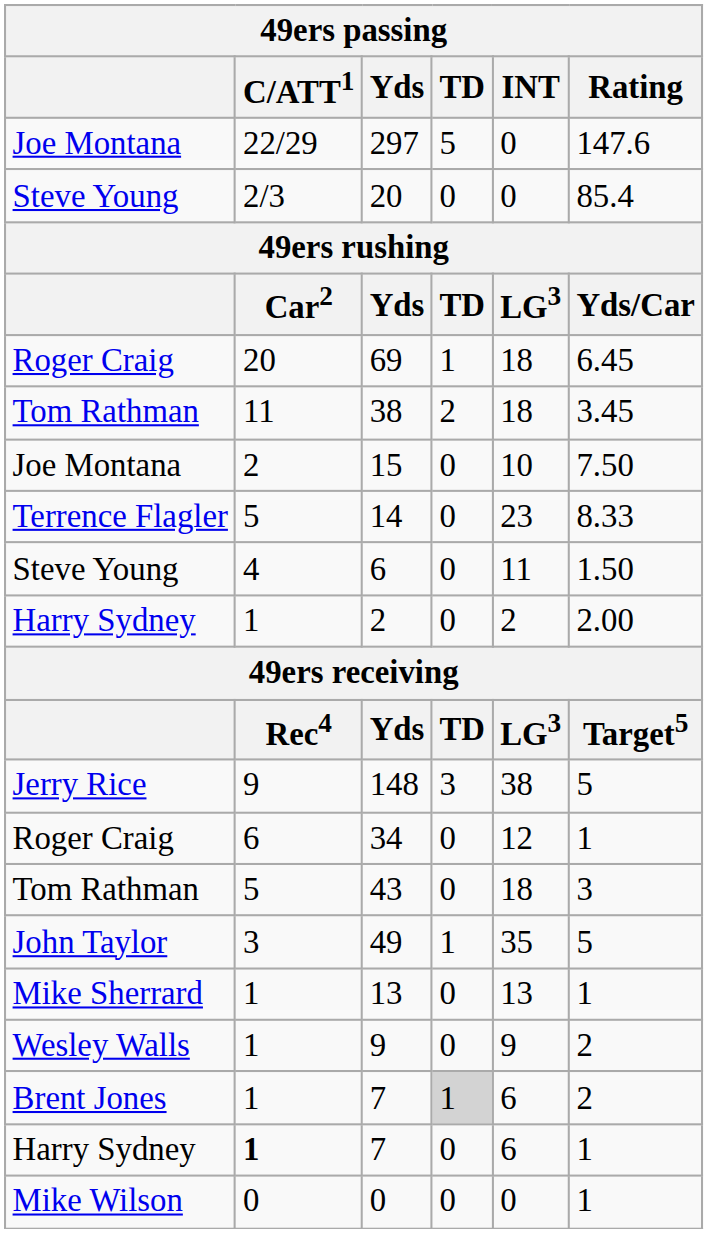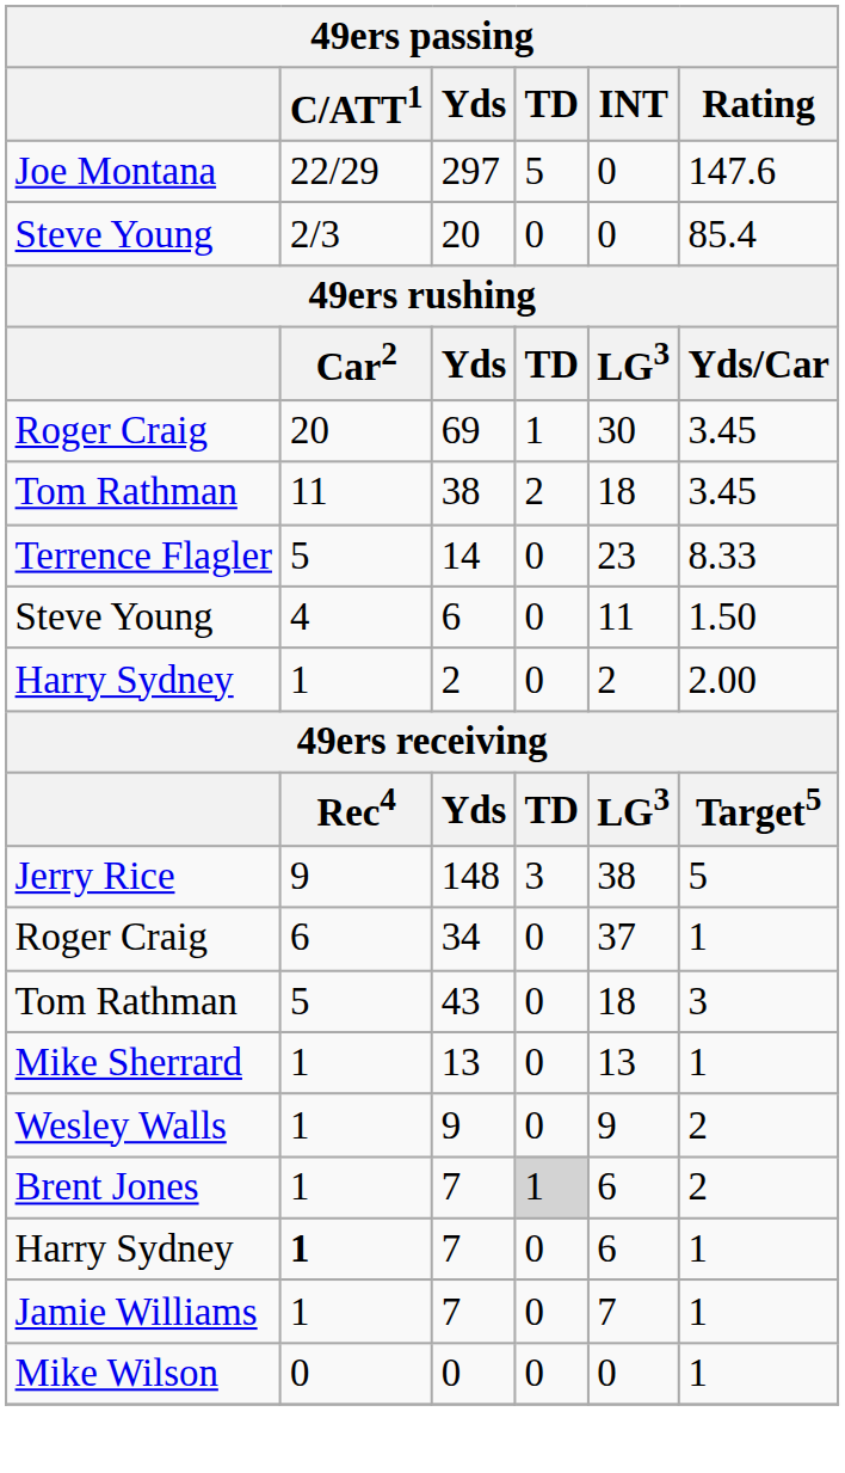 <table class="wikitable">
 <tr>
 <th colspan="6">49ers passing</th>
 </tr>
 <tr>
 <th></th>
 <th>C/ATT<sup>1</sup></th>
 <th>Yds</th>
 <th>TD</th>
 <th>INT</th>
 <th>Rating</th>
 </tr>
 <tr>
 <td><a href='#'>Joe Montana</a></td>
 <td>22/29</td>
 <td>297</td>
 <td>5</td>
 <td>0</td>
 <td>147.6</td>
 </tr>
 <tr>
 <td><a href='#'>Steve Young</a></td>
 <td>2/3</td>
 <td>20</td>
 <td>0</td>
 <td>0</td>
 <td>85.4</td>
 </tr>
 <tr>
 <th colspan="6">49ers rushing</th>
 </tr>
 <tr>
 <th></th>
 <th>Car<sup>2</sup></th>
 <th>Yds</th>
 <th>TD</th>
 <th>LG<sup>3</sup></th>
 <th>Yds/Car</th>
 </tr>
 <tr>
 <td><a href='#'>Roger Craig</a></td>
 <td>20</td>
 <td>69</td>
 <td>1</td>
-<td>18</td>
-<td>6.45</td>
+<td>30</td>
+<td>3.45</td>
 </tr>
 <tr>
 <td><a href='#'>Tom Rathman</a></td>
 <td>11</td>
 <td>38</td>
 <td>2</td>
 <td>18</td>
 <td>3.45</td>
-</tr>
-<tr>
-<td>Joe Montana</td>
-<td>2</td>
-<td>15</td>
-<td>0</td>
-<td>10</td>
-<td>7.50</td>
 </tr>
 <tr>
 <td><a href='#'>Terrence Flagler</a></td>
 <td>5</td>
 <td>14</td>
 <td>0</td>
 <td>23</td>
 <td>8.33</td>
 </tr>
 <tr>
 <td>Steve Young</td>
 <td>4</td>
 <td>6</td>
 <td>0</td>
 <td>11</td>
 <td>1.50</td>
 </tr>
 <tr>
 <td><a href='#'>Harry Sydney</a></td>
 <td>1</td>
 <td>2</td>
 <td>0</td>
 <td>2</td>
 <td>2.00</td>
 </tr>
 <tr>
 <th colspan="6">49ers receiving</th>
 </tr>
 <tr>
 <th></th>
 <th>Rec<sup>4</sup></th>
 <th>Yds</th>
 <th>TD</th>
 <th>LG<sup>3</sup></th>
 <th>Target<sup>5</sup></th>
 </tr>
 <tr>
 <td><a href='#'>Jerry Rice</a></td>
 <td>9</td>
 <td>148</td>
 <td>3</td>
 <td>38</td>
 <td>5</td>
 </tr>
 <tr>
 <td>Roger Craig</td>
 <td>6</td>
 <td>34</td>
 <td>0</td>
-<td>12</td>
+<td>37</td>
 <td>1</td>
 </tr>
 <tr>
 <td>Tom Rathman</td>
 <td>5</td>
 <td>43</td>
 <td>0</td>
 <td>18</td>
 <td>3</td>
-</tr>
-<tr>
-<td><a href='#'>John Taylor</a></td>
-<td>3</td>
-<td>49</td>
-<td>1</td>
-<td>35</td>
-<td>5</td>
 </tr>
 <tr>
 <td><a href='#'>Mike Sherrard</a></td>
 <td>1</td>
 <td>13</td>
 <td>0</td>
 <td>13</td>
 <td>1</td>
 </tr>
 <tr>
 <td><a href='#'>Wesley Walls</a></td>
 <td>1</td>
 <td>9</td>
 <td>0</td>
 <td>9</td>
 <td>2</td>
 </tr>
 <tr>
 <td><a href='#'>Brent Jones</a></td>
 <td>1</td>
 <td>7</td>
 <td style="background: lightgrey;">1</td>
 <td>6</td>
 <td>2</td>
 </tr>
 <tr>
 <td>Harry Sydney</td>
 <td><strong>1</strong></td>
 <td>7</td>
 <td>0</td>
 <td>6</td>
 <td>1</td>
 </tr>
 <tr>
+<td><a href='#'>Jamie Williams</a></td>
+<td>1</td>
+<td>7</td>
+<td>0</td>
+<td>7</td>
+<td>1</td>
+</tr>
+<tr>
 <td><a href='#'>Mike Wilson</a></td>
 <td>0</td>
 <td>0</td>
 <td>0</td>
 <td>0</td>
 <td>1</td>
 </tr>
 <tr>
 </tr>
 </table>
